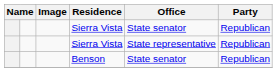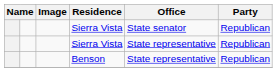 <table class="sortable wikitable">
 <tr valign=bottom>
 <th colspan="2">Name</th>
 <th>Image</th>
 <th>Residence</th>
 <th>Office</th>
 <th>Party</th>
 </tr>
 <tr>
 <th style="background-color:  "></th>
 <td></td>
 <td></td>
 <td><a href='#'>Sierra Vista</a></td>
 <td><a href='#'>State senator</a></td>
 <td><a href='#'>Republican</a></td>
 </tr>
 <tr>
 <th style="background-color:  "></th>
 <td></td>
 <td></td>
 <td><a href='#'>Sierra Vista</a></td>
 <td><a href='#'>State representative</a></td>
 <td><a href='#'>Republican</a></td>
 </tr>
 <tr>
 <th style="background-color:  "></th>
 <td></td>
 <td></td>
 <td><a href='#'>Benson</a></td>
-<td><a href='#'>State senator</a></td>
+<td><a href='#'>State representative</a></td>
 <td><a href='#'>Republican</a></td>
 </tr>
 <tr>
 </tr>
 </table>
